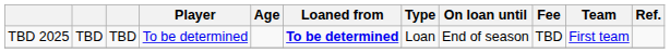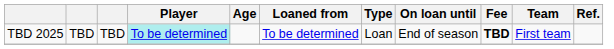 <table class="wikitable" style="text-align:center; font-size:100%; ">
 <tr>
 <th></th>
 <th></th>
 <th></th>
 <th>Player</th>
 <th>Age</th>
 <th>Loaned from</th>
 <th>Type</th>
 <th>On loan until</th>
 <th>Fee</th>
 <th>Team</th>
 <th>Ref.</th>
 </tr>
 <tr>
 <td>TBD 2025</td>
 <td>TBD</td>
 <td>TBD</td>
+<td style="background: paleturquoise; text-align:left"><a href='#'>To be determined</a></td>
+<td></td>
 <td style="text-align:left"><a href='#'>To be determined</a></td>
-<td></td>
-<td style="text-align:left"><strong><a href='#'>To be determined</a></strong></td>
 <td>Loan</td>
 <td>End of season</td>
-<td>TBD</td>
+<td><strong>TBD</strong></td>
 <td><a href='#'>First team</a></td>
 <td></td>
 </tr>
 <tr>
 </tr>
 </table>
